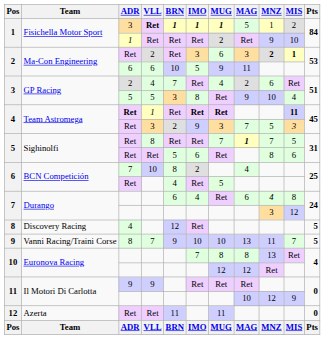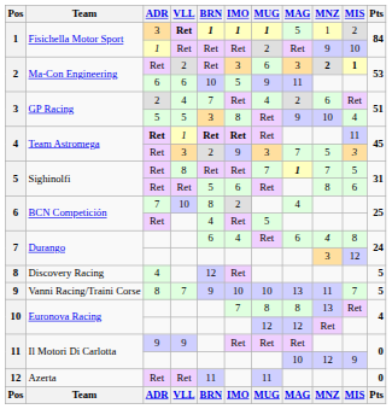 <table class="wikitable" style="font-size: 85%; text-align: center;">
 <tr Valign="top">
 <th Valign=middle>Pos</th>
 <th Valign=middle>Team</th>
 <th><a href='#'>ADR</a><br></th>
 <th><a href='#'>VLL</a><br></th>
 <th><a href='#'>BRN</a><br></th>
 <th><a href='#'>IMO</a><br></th>
 <th><a href='#'>MUG</a><br></th>
 <th><a href='#'>MAG</a><br></th>
 <th><a href='#'>MNZ</a><br></th>
 <th><a href='#'>MIS</a><br></th>
 <th Valign="middle">Pts</th>
 </tr>
 <tr>
 <th rowspan=2>1</th>
 <td rowspan=2 align="left"> <a href='#'>Fisichella Motor Sport</a></td>
 <td style="background:#ffdf9f;">3</td>
 <td style="background:#efcfff;"><strong>Ret</strong></td>
 <td style="background:#ffffbf;"><strong><em>1</em></strong></td>
 <td style="background:#ffffbf;"><strong><em>1</em></strong></td>
 <td style="background:#ffffbf;"><strong><em>1</em></strong></td>
 <td style="background:#dfffdf;">5</td>
 <td style="background:#ffffbf;">1</td>
 <td style="background:#dfdfdf;">2</td>
 <td rowspan=2 align="right"><strong>84</strong></td>
 </tr>
 <tr>
 <td style="background:#ffffbf;"><em>1</em></td>
 <td style="background:#efcfff;">Ret</td>
 <td style="background:#efcfff;">Ret</td>
 <td style="background:#efcfff;">Ret</td>
 <td style="background:#dfdfdf;">2</td>
 <td style="background:#efcfff;">Ret</td>
 <td style="background:#cfcfff;">9</td>
 <td style="background:#cfcfff;">10</td>
 </tr>
 <tr>
 <th rowspan=2>2</th>
 <td rowspan=2 align="left"> <a href='#'>Ma-Con Engineering</a></td>
 <td style="background:#efcfff;">Ret</td>
 <td style="background:#dfdfdf;">2</td>
 <td style="background:#efcfff;">Ret</td>
 <td style="background:#ffdf9f;">3</td>
 <td style="background:#dfffdf;">6</td>
 <td style="background:#ffdf9f;">3</td>
 <td style="background:#dfdfdf;"><strong>2</strong></td>
 <td style="background:#ffffbf;"><strong>1</strong></td>
 <td rowspan=2 align="right"><strong>53</strong></td>
 </tr>
 <tr>
 <td style="background:#dfffdf;">6</td>
 <td style="background:#dfffdf;">6</td>
 <td style="background:#cfcfff;">10</td>
 <td style="background:#dfffdf;">5</td>
 <td style="background:#cfcfff;">9</td>
 <td style="background:#cfcfff;">11</td>
 <td></td>
 <td></td>
 </tr>
 <tr>
 <th rowspan=2>3</th>
 <td rowspan=2 align="left"> <a href='#'>GP Racing</a></td>
 <td style="background:#dfdfdf;">2</td>
 <td style="background:#dfffdf;">4</td>
 <td style="background:#dfffdf;">7</td>
 <td style="background:#efcfff;">Ret</td>
 <td style="background:#dfffdf;">4</td>
 <td style="background:#dfdfdf;">2</td>
 <td style="background:#dfffdf;">6</td>
 <td style="background:#efcfff;">Ret</td>
 <td rowspan=2 align="right"><strong>51</strong></td>
 </tr>
 <tr>
 <td style="background:#dfffdf;">5</td>
 <td style="background:#dfffdf;">5</td>
 <td style="background:#ffdf9f;">3</td>
 <td style="background:#dfffdf;">8</td>
 <td style="background:#efcfff;">Ret</td>
 <td style="background:#cfcfff;">9</td>
 <td style="background:#cfcfff;">10</td>
 <td style="background:#dfffdf;">4</td>
 </tr>
 <tr>
 <th rowspan=2>4</th>
 <td rowspan=2 align="left"> <a href='#'>Team Astromega</a></td>
 <td style="background:#efcfff;"><strong>Ret</strong></td>
 <td style="background:#ffffbf;"><em>1</em></td>
-<td style="background:#efcfff;">Ret</td>
 <td style="background:#efcfff;"><strong>Ret</strong></td>
 <td style="background:#efcfff;"><strong>Ret</strong></td>
+<td style="background:#efcfff;">Ret</td>
 <td></td>
 <td></td>
-<td style="background:#cfcfff;"><strong>11</strong></td>
+<td style="background:#cfcfff;">11</td>
 <td rowspan=2 align="right"><strong>45</strong></td>
 </tr>
 <tr>
 <td style="background:#efcfff;">Ret</td>
 <td style="background:#ffdf9f;">3</td>
 <td style="background:#dfdfdf;">2</td>
 <td style="background:#cfcfff;">9</td>
 <td style="background:#ffdf9f;">3</td>
 <td style="background:#dfffdf;">7</td>
 <td style="background:#dfffdf;">5</td>
 <td style="background:#ffdf9f;"><em>3</em></td>
 </tr>
 <tr>
 <th rowspan=2>5</th>
 <td rowspan=2 align="left"> Sighinolfi</td>
 <td style="background:#efcfff;">Ret</td>
 <td style="background:#dfffdf;">8</td>
 <td style="background:#efcfff;">Ret</td>
 <td style="background:#efcfff;">Ret</td>
 <td style="background:#dfffdf;">7</td>
 <td style="background:#ffffbf;"><strong><em>1</em></strong></td>
 <td style="background:#dfffdf;">7</td>
 <td style="background:#dfffdf;">5</td>
 <td rowspan=2 align="right"><strong>31</strong></td>
 </tr>
 <tr>
 <td style="background:#efcfff;">Ret</td>
 <td style="background:#efcfff;">Ret</td>
 <td style="background:#dfffdf;">5</td>
 <td style="background:#dfffdf;">6</td>
 <td style="background:#efcfff;">Ret</td>
 <td></td>
 <td style="background:#dfffdf;">8</td>
 <td style="background:#dfffdf;">6</td>
 </tr>
 <tr>
 <th rowspan=2>6</th>
 <td rowspan=2 align="left"> <a href='#'>BCN Competición</a></td>
 <td style="background:#dfffdf;">7</td>
 <td style="background:#cfcfff;">10</td>
 <td style="background:#dfffdf;">8</td>
 <td style="background:#dfdfdf;">2</td>
 <td></td>
 <td style="background:#dfffdf;">4</td>
 <td></td>
 <td></td>
 <td rowspan=2 align="right"><strong>25</strong></td>
 </tr>
 <tr>
 <td style="background:#efcfff;">Ret</td>
 <td></td>
 <td style="background:#dfffdf;">4</td>
 <td style="background:#efcfff;">Ret</td>
 <td style="background:#dfffdf;">5</td>
 <td></td>
 <td></td>
 <td></td>
 </tr>
 <tr>
 <th rowspan=2>7</th>
 <td rowspan=2 align="left"> <a href='#'>Durango</a></td>
 <td></td>
 <td></td>
 <td style="background:#dfffdf;">6</td>
 <td style="background:#dfffdf;">4</td>
 <td style="background:#efcfff;">Ret</td>
 <td style="background:#dfffdf;">6</td>
 <td style="background:#dfffdf;"><em>4</em></td>
 <td style="background:#dfffdf;">8</td>
 <td rowspan=2 align="right"><strong>24</strong></td>
 </tr>
 <tr>
 <td></td>
 <td></td>
 <td></td>
 <td></td>
 <td></td>
 <td></td>
 <td style="background:#ffdf9f;">3</td>
 <td style="background:#cfcfff;">12</td>
 </tr>
 <tr>
 <th>8</th>
 <td align="left"> Discovery Racing</td>
 <td style="background:#dfffdf;">4</td>
 <td></td>
 <td style="background:#cfcfff;">12</td>
 <td style="background:#efcfff;">Ret</td>
 <td></td>
 <td></td>
 <td></td>
 <td></td>
 <td align="right"><strong>5</strong></td>
 </tr>
 <tr>
 <th>9</th>
 <td align="left" nowrap> Vanni Racing/Traini Corse</td>
 <td style="background:#dfffdf;">8</td>
 <td style="background:#dfffdf;">7</td>
 <td style="background:#cfcfff;">9</td>
 <td style="background:#cfcfff;">10</td>
 <td style="background:#cfcfff;">10</td>
 <td style="background:#cfcfff;">13</td>
 <td style="background:#cfcfff;">11</td>
 <td style="background:#dfffdf;">7</td>
 <td align="right"><strong>5</strong></td>
 </tr>
 <tr>
 <th rowspan=2>10</th>
 <td rowspan=2 align="left"> <a href='#'>Euronova Racing</a></td>
 <td></td>
 <td></td>
 <td></td>
 <td style="background:#dfffdf;">7</td>
 <td style="background:#dfffdf;">8</td>
 <td style="background:#dfffdf;">8</td>
 <td style="background:#cfcfff;">13</td>
 <td style="background:#efcfff;">Ret</td>
 <td rowspan=2 align="right"><strong>4</strong></td>
 </tr>
 <tr>
 <td></td>
 <td></td>
 <td></td>
 <td></td>
 <td style="background:#cfcfff;">12</td>
 <td style="background:#cfcfff;">12</td>
 <td style="background:#efcfff;">Ret</td>
 <td></td>
 </tr>
 <tr>
 <th rowspan=2>11</th>
 <td rowspan=2 align="left"> Il Motori Di Carlotta</td>
 <td style="background:#cfcfff;">9</td>
 <td style="background:#cfcfff;">9</td>
 <td></td>
 <td style="background:#efcfff;">Ret</td>
 <td style="background:#efcfff;">Ret</td>
 <td style="background:#efcfff;">Ret</td>
 <td></td>
 <td></td>
 <td rowspan=2 align="right"><strong>0</strong></td>
 </tr>
 <tr>
 <td></td>
 <td></td>
 <td></td>
 <td></td>
 <td></td>
 <td style="background:#cfcfff;">10</td>
 <td style="background:#cfcfff;">12</td>
 <td style="background:#cfcfff;">9</td>
 </tr>
 <tr>
 <th>12</th>
 <td align="left"> Azerta</td>
 <td style="background:#efcfff;">Ret</td>
 <td style="background:#efcfff;">Ret</td>
 <td style="background:#cfcfff;">11</td>
 <td></td>
 <td style="background:#cfcfff;">11</td>
 <td></td>
 <td></td>
 <td></td>
 <td align="right"><strong>0</strong></td>
 </tr>
 <tr Valign="top">
 <th Valign=middle>Pos</th>
 <th Valign=middle>Team</th>
 <th><a href='#'>ADR</a><br></th>
 <th><a href='#'>VLL</a><br></th>
 <th><a href='#'>BRN</a><br></th>
 <th><a href='#'>IMO</a><br></th>
 <th><a href='#'>MUG</a><br></th>
 <th><a href='#'>MAG</a><br></th>
 <th><a href='#'>MNZ</a><br></th>
 <th><a href='#'>MIS</a><br></th>
 <th Valign="middle">Pts</th>
 </tr>
 </table>
